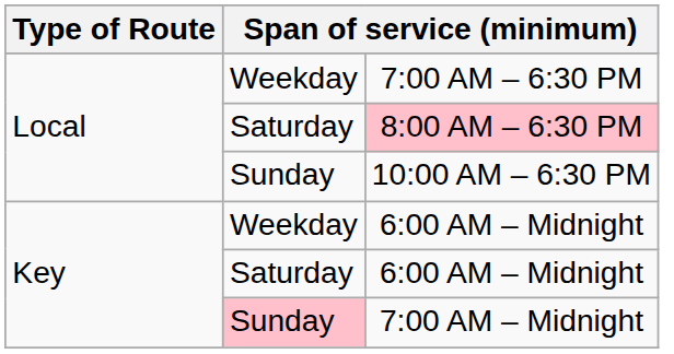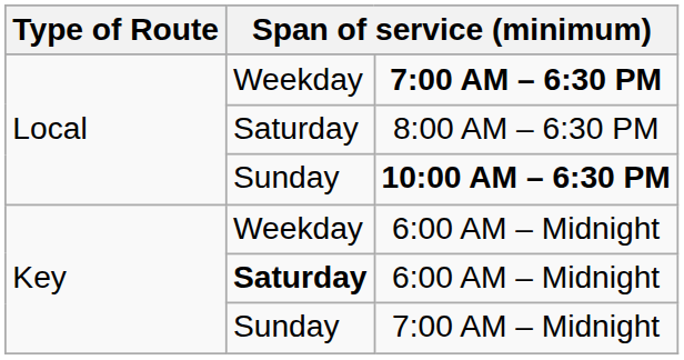 <table class="wikitable">
 <tr style="background:#ebf5ff;">
 <th align="left">Type of Route</th>
 <th colspan="2" align="left">Span of service (minimum)</th>
 </tr>
 <tr>
 <td rowspan="3" align="left">Local</td>
 <td align="left" style="text-align:left;">Weekday</td>
-<td style="text-align:center;">7:00 AM – 6:30 PM</td>
+<td style="text-align:center;"><strong>7:00 AM – 6:30 PM</strong></td>
 </tr>
 <tr>
 <td align="left" style="text-align:left;">Saturday</td>
-<td style="background: pink; text-align:center;">8:00 AM – 6:30 PM</td>
+<td style="text-align:center;">8:00 AM – 6:30 PM</td>
 </tr>
 <tr>
 <td align="left" style="text-align:left;">Sunday</td>
-<td style="text-align:center;">10:00 AM – 6:30 PM</td>
+<td style="text-align:center;"><strong>10:00 AM – 6:30 PM</strong></td>
 </tr>
 <tr>
 <td rowspan="3" align="left">Key</td>
 <td align="left" style="text-align:left;">Weekday</td>
 <td style="text-align:center;">6:00 AM – Midnight</td>
 </tr>
 <tr>
-<td align="left" style="text-align:left;">Saturday</td>
+<td align="left" style="text-align:left;"><strong>Saturday</strong></td>
 <td style="text-align:center;">6:00 AM – Midnight</td>
 </tr>
 <tr>
-<td align="left" style="background: pink; text-align:left;">Sunday</td>
+<td align="left" style="text-align:left;">Sunday</td>
 <td style="text-align:center;">7:00 AM – Midnight</td>
 </tr>
 </table>
